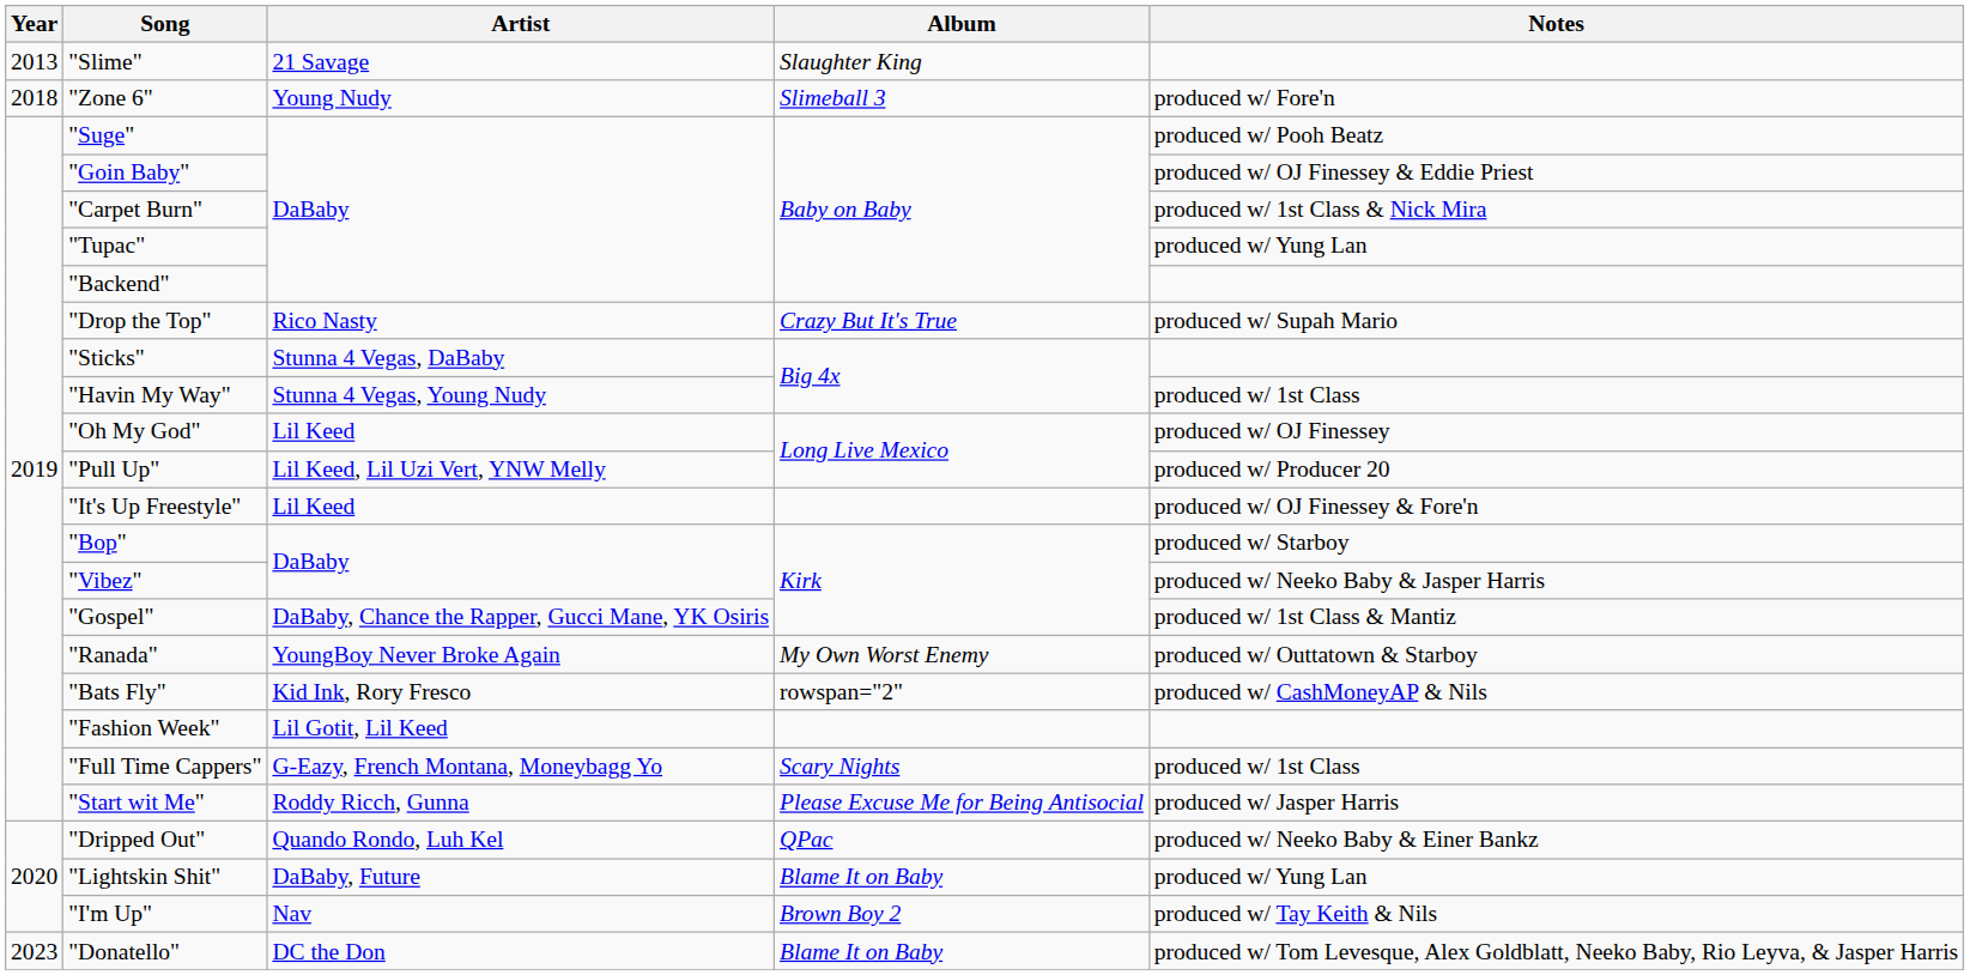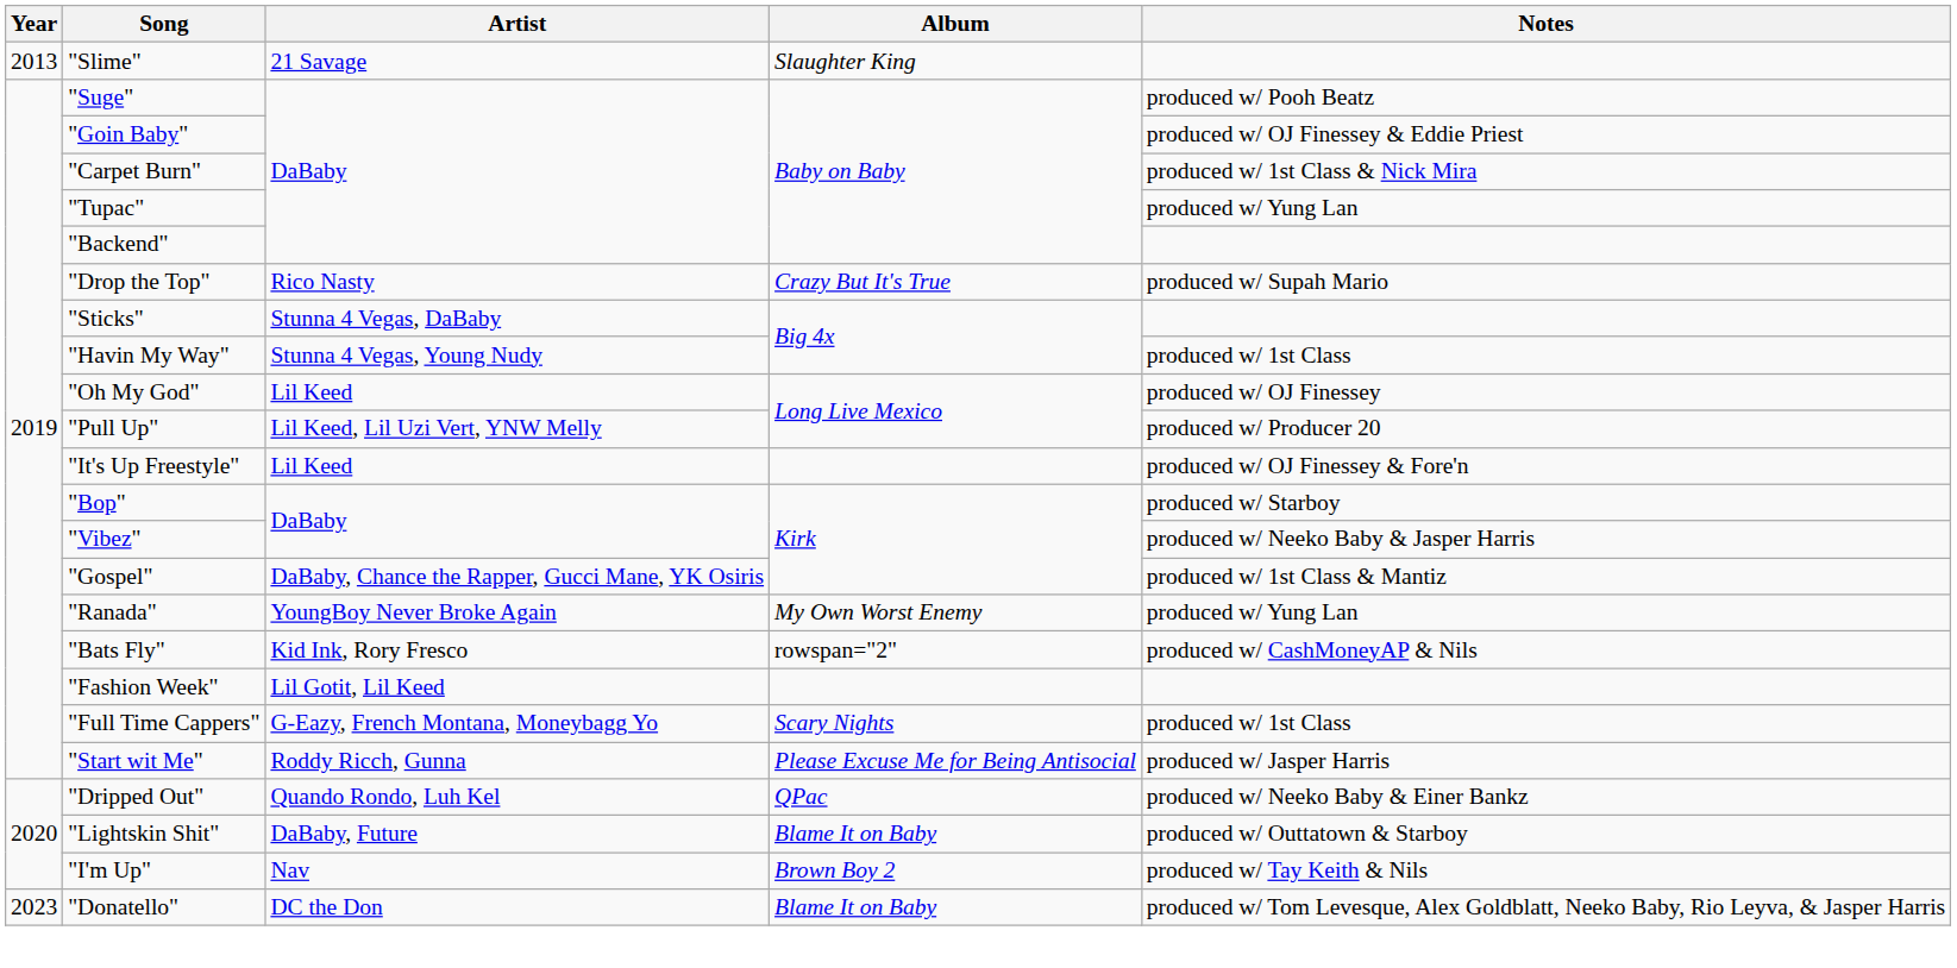 <table class="wikitable">
 <tr>
 <th>Year</th>
 <th>Song</th>
 <th>Artist</th>
 <th>Album</th>
 <th>Notes</th>
 </tr>
 <tr>
 <td>2013</td>
 <td>"Slime"</td>
 <td><a href='#'>21 Savage</a></td>
 <td><em>Slaughter King</em></td>
 <td></td>
-</tr>
-<tr>
-<td>2018</td>
-<td>"Zone 6"</td>
-<td><a href='#'>Young Nudy</a></td>
-<td><em><a href='#'>Slimeball 3</a></em></td>
-<td>produced w/ Fore'n</td>
 </tr>
 <tr>
 <td rowspan="19">2019</td>
 <td>"<a href='#'>Suge</a>"</td>
 <td rowspan="5"><a href='#'>DaBaby</a></td>
 <td rowspan="5"><em><a href='#'>Baby on Baby</a></em></td>
 <td>produced w/ Pooh Beatz</td>
 </tr>
 <tr>
 <td>"<a href='#'>Goin Baby</a>"</td>
 <td>produced w/ OJ Finessey & Eddie Priest</td>
 </tr>
 <tr>
 <td>"Carpet Burn"</td>
 <td>produced w/ 1st Class & <a href='#'>Nick Mira</a></td>
 </tr>
 <tr>
 <td>"Tupac"</td>
 <td>produced w/ Yung Lan</td>
 </tr>
 <tr>
 <td>"Backend"</td>
 <td></td>
 </tr>
 <tr>
 <td>"Drop the Top"</td>
 <td><a href='#'>Rico Nasty</a></td>
 <td><em><a href='#'>Crazy But It's True</a></em></td>
 <td>produced w/ Supah Mario</td>
 </tr>
 <tr>
 <td>"Sticks"</td>
 <td><a href='#'>Stunna 4 Vegas</a>, <a href='#'>DaBaby</a></td>
 <td rowspan="2"><em><a href='#'>Big 4x</a></em></td>
 <td></td>
 </tr>
 <tr>
 <td>"Havin My Way"</td>
 <td><a href='#'>Stunna 4 Vegas</a>, <a href='#'>Young Nudy</a></td>
 <td>produced w/ 1st Class</td>
 </tr>
 <tr>
 <td>"Oh My God"</td>
 <td><a href='#'>Lil Keed</a></td>
 <td rowspan="2"><em><a href='#'>Long Live Mexico</a></em></td>
 <td>produced w/ OJ Finessey</td>
 </tr>
 <tr>
 <td>"Pull Up"</td>
 <td><a href='#'>Lil Keed</a>, <a href='#'>Lil Uzi Vert</a>, <a href='#'>YNW Melly</a></td>
 <td>produced w/ Producer 20</td>
 </tr>
 <tr>
 <td>"It's Up Freestyle"</td>
 <td><a href='#'>Lil Keed</a></td>
 <td></td>
 <td>produced w/ OJ Finessey & Fore'n</td>
 </tr>
 <tr>
 <td>"<a href='#'>Bop</a>"</td>
 <td rowspan="2"><a href='#'>DaBaby</a></td>
 <td rowspan="3"><em><a href='#'>Kirk</a></em></td>
 <td>produced w/ Starboy</td>
 </tr>
 <tr>
 <td>"<a href='#'>Vibez</a>"</td>
 <td>produced w/ Neeko Baby & Jasper Harris</td>
 </tr>
 <tr>
 <td>"Gospel"</td>
 <td><a href='#'>DaBaby</a>, <a href='#'>Chance the Rapper</a>, <a href='#'>Gucci Mane</a>, <a href='#'>YK Osiris</a></td>
 <td>produced w/ 1st Class & Mantiz</td>
 </tr>
 <tr>
 <td>"Ranada"</td>
 <td><a href='#'>YoungBoy Never Broke Again</a></td>
 <td><em>My Own Worst Enemy</em></td>
-<td>produced w/ Outtatown & Starboy</td>
+<td>produced w/ Yung Lan</td>
 </tr>
 <tr>
 <td>"Bats Fly"</td>
 <td><a href='#'>Kid Ink</a>, Rory Fresco</td>
 <td>rowspan="2" </td>
 <td>produced w/ <a href='#'>CashMoneyAP</a> & Nils</td>
 </tr>
 <tr>
 <td>"Fashion Week"</td>
 <td><a href='#'>Lil Gotit</a>, <a href='#'>Lil Keed</a></td>
 <td></td>
 </tr>
 <tr>
 <td>"Full Time Cappers"</td>
 <td><a href='#'>G-Eazy</a>, <a href='#'>French Montana</a>, <a href='#'>Moneybagg Yo</a></td>
 <td><a href='#'><em>Scary Nights</em></a></td>
 <td>produced w/ 1st Class</td>
 </tr>
 <tr>
 <td>"<a href='#'>Start wit Me</a>"</td>
 <td><a href='#'>Roddy Ricch</a>, <a href='#'>Gunna</a></td>
 <td><em><a href='#'>Please Excuse Me for Being Antisocial</a></em></td>
 <td>produced w/ Jasper Harris</td>
 </tr>
 <tr>
 <td rowspan="3">2020</td>
 <td>"Dripped Out"</td>
 <td><a href='#'>Quando Rondo</a>, <a href='#'>Luh Kel</a></td>
 <td><em><a href='#'>QPac</a></em></td>
 <td>produced w/ Neeko Baby & Einer Bankz</td>
 </tr>
 <tr>
 <td>"Lightskin Shit"</td>
 <td><a href='#'>DaBaby</a>, <a href='#'>Future</a></td>
 <td><em><a href='#'>Blame It on Baby</a></em></td>
-<td>produced w/ Yung Lan</td>
+<td>produced w/ Outtatown & Starboy</td>
 </tr>
 <tr>
 <td>"I'm Up"</td>
 <td><a href='#'>Nav</a></td>
 <td><em><a href='#'>Brown Boy 2</a></em></td>
 <td>produced w/ <a href='#'>Tay Keith</a> & Nils</td>
 </tr>
 <tr>
 <td>2023</td>
 <td>"Donatello"</td>
 <td><a href='#'>DC the Don</a></td>
 <td><em><a href='#'>Blame It on Baby</a></em></td>
 <td>produced w/ Tom Levesque, Alex Goldblatt, Neeko Baby, Rio Leyva, & Jasper Harris</td>
 </tr>
 </table>
